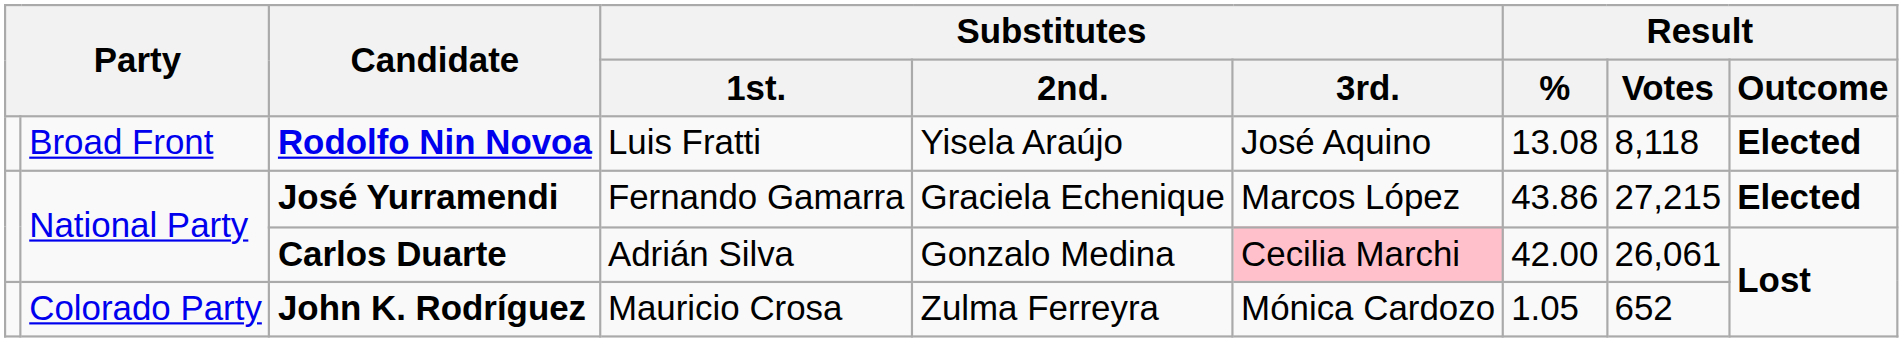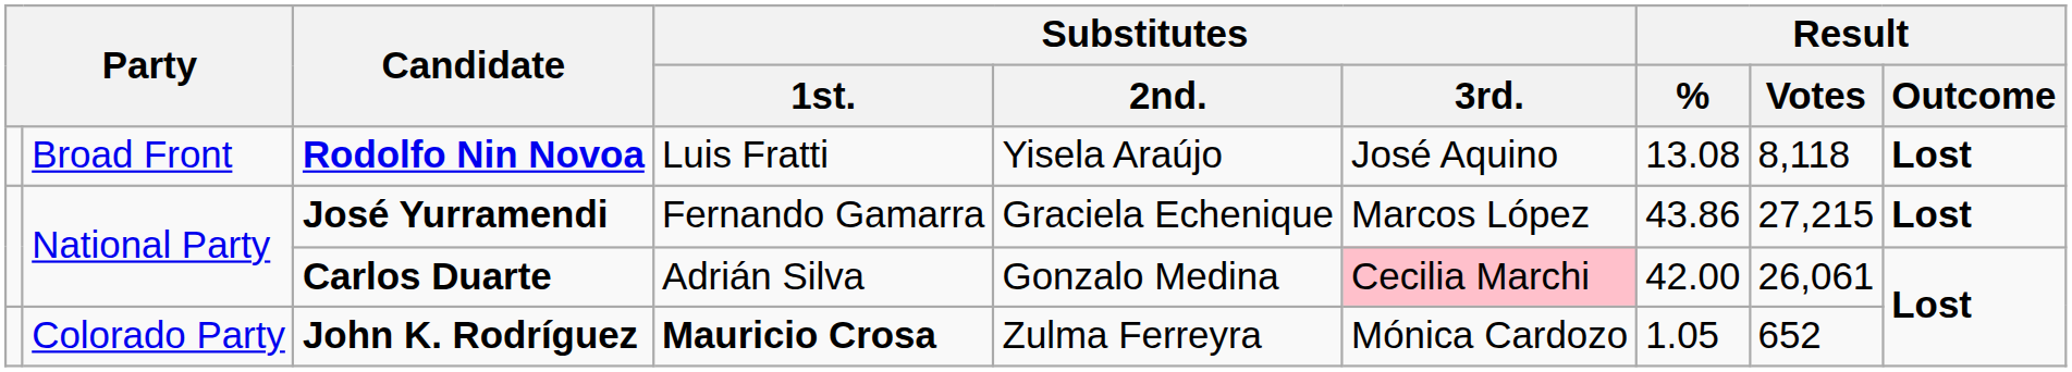 <table class="wikitable">
 <tr>
 <th colspan="2" rowspan="2">Party</th>
 <th rowspan="2">Candidate</th>
 <th colspan="3">Substitutes</th>
 <th colspan="3">Result</th>
 </tr>
 <tr>
 <th>1st.</th>
 <th>2nd.</th>
 <th>3rd.</th>
 <th>%</th>
 <th>Votes</th>
 <th>Outcome</th>
 </tr>
 <tr>
 <td style="background:"></td>
 <td><a href='#'>Broad Front</a></td>
 <td><strong><a href='#'>Rodolfo Nin Novoa</a></strong></td>
 <td>Luis Fratti</td>
 <td>Yisela Araújo</td>
 <td>José Aquino</td>
 <td>13.08</td>
 <td>8,118</td>
-<td><strong>Elected</strong> </td>
+<td><strong>Lost</strong> </td>
 </tr>
 <tr>
 <td rowspan="2" style="background:"></td>
 <td rowspan="2"><a href='#'>National Party</a></td>
 <td><strong>José Yurramendi</strong></td>
 <td>Fernando Gamarra</td>
 <td>Graciela Echenique</td>
 <td>Marcos López</td>
 <td>43.86</td>
 <td>27,215</td>
-<td><strong>Elected</strong> </td>
+<td><strong>Lost</strong> </td>
 </tr>
 <tr>
 <td><strong>Carlos Duarte</strong></td>
 <td>Adrián Silva</td>
 <td>Gonzalo Medina</td>
 <td style="background: pink;">Cecilia Marchi</td>
 <td>42.00</td>
 <td>26,061</td>
 <td rowspan="2"><strong>Lost</strong> </td>
 </tr>
 <tr>
 <td style="background:"></td>
 <td><a href='#'>Colorado Party</a></td>
 <td><strong>John K. Rodríguez</strong></td>
-<td>Mauricio Crosa</td>
+<td><strong>Mauricio Crosa</strong></td>
 <td>Zulma Ferreyra</td>
 <td>Mónica Cardozo</td>
 <td>1.05</td>
 <td>652</td>
 </tr>
 </table>
